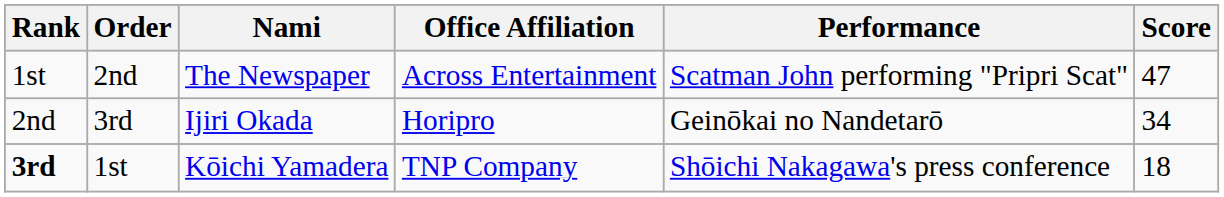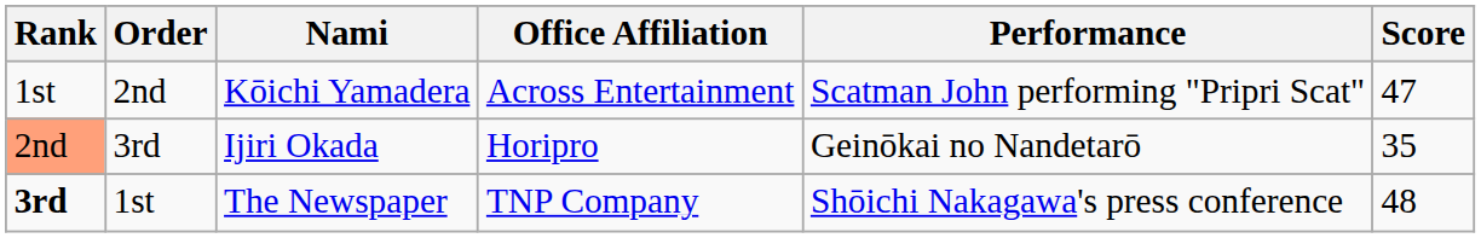 <table class="wikitable">
 <tr>
 <th>Rank</th>
 <th>Order</th>
 <th>Nami</th>
 <th>Office Affiliation</th>
 <th>Performance</th>
 <th>Score</th>
 </tr>
 <tr>
 <td>1st</td>
 <td>2nd</td>
-<td><a href='#'>The Newspaper</a></td>
+<td><a href='#'>Kōichi Yamadera</a></td>
 <td><a href='#'>Across Entertainment</a></td>
 <td><a href='#'>Scatman John</a> performing "Pripri Scat"</td>
 <td>47</td>
 </tr>
 <tr>
-<td>2nd</td>
+<td style="background: lightsalmon;">2nd</td>
 <td>3rd</td>
 <td><a href='#'>Ijiri Okada</a></td>
 <td><a href='#'>Horipro</a></td>
 <td>Geinōkai no Nandetarō</td>
-<td>34</td>
+<td>35</td>
 </tr>
 <tr>
 <td><strong>3rd</strong></td>
 <td>1st</td>
-<td><a href='#'>Kōichi Yamadera</a></td>
+<td><a href='#'>The Newspaper</a></td>
 <td><a href='#'>TNP Company</a></td>
 <td><a href='#'>Shōichi Nakagawa</a>'s press conference</td>
-<td>18</td>
+<td>48</td>
 </tr>
 </table>
